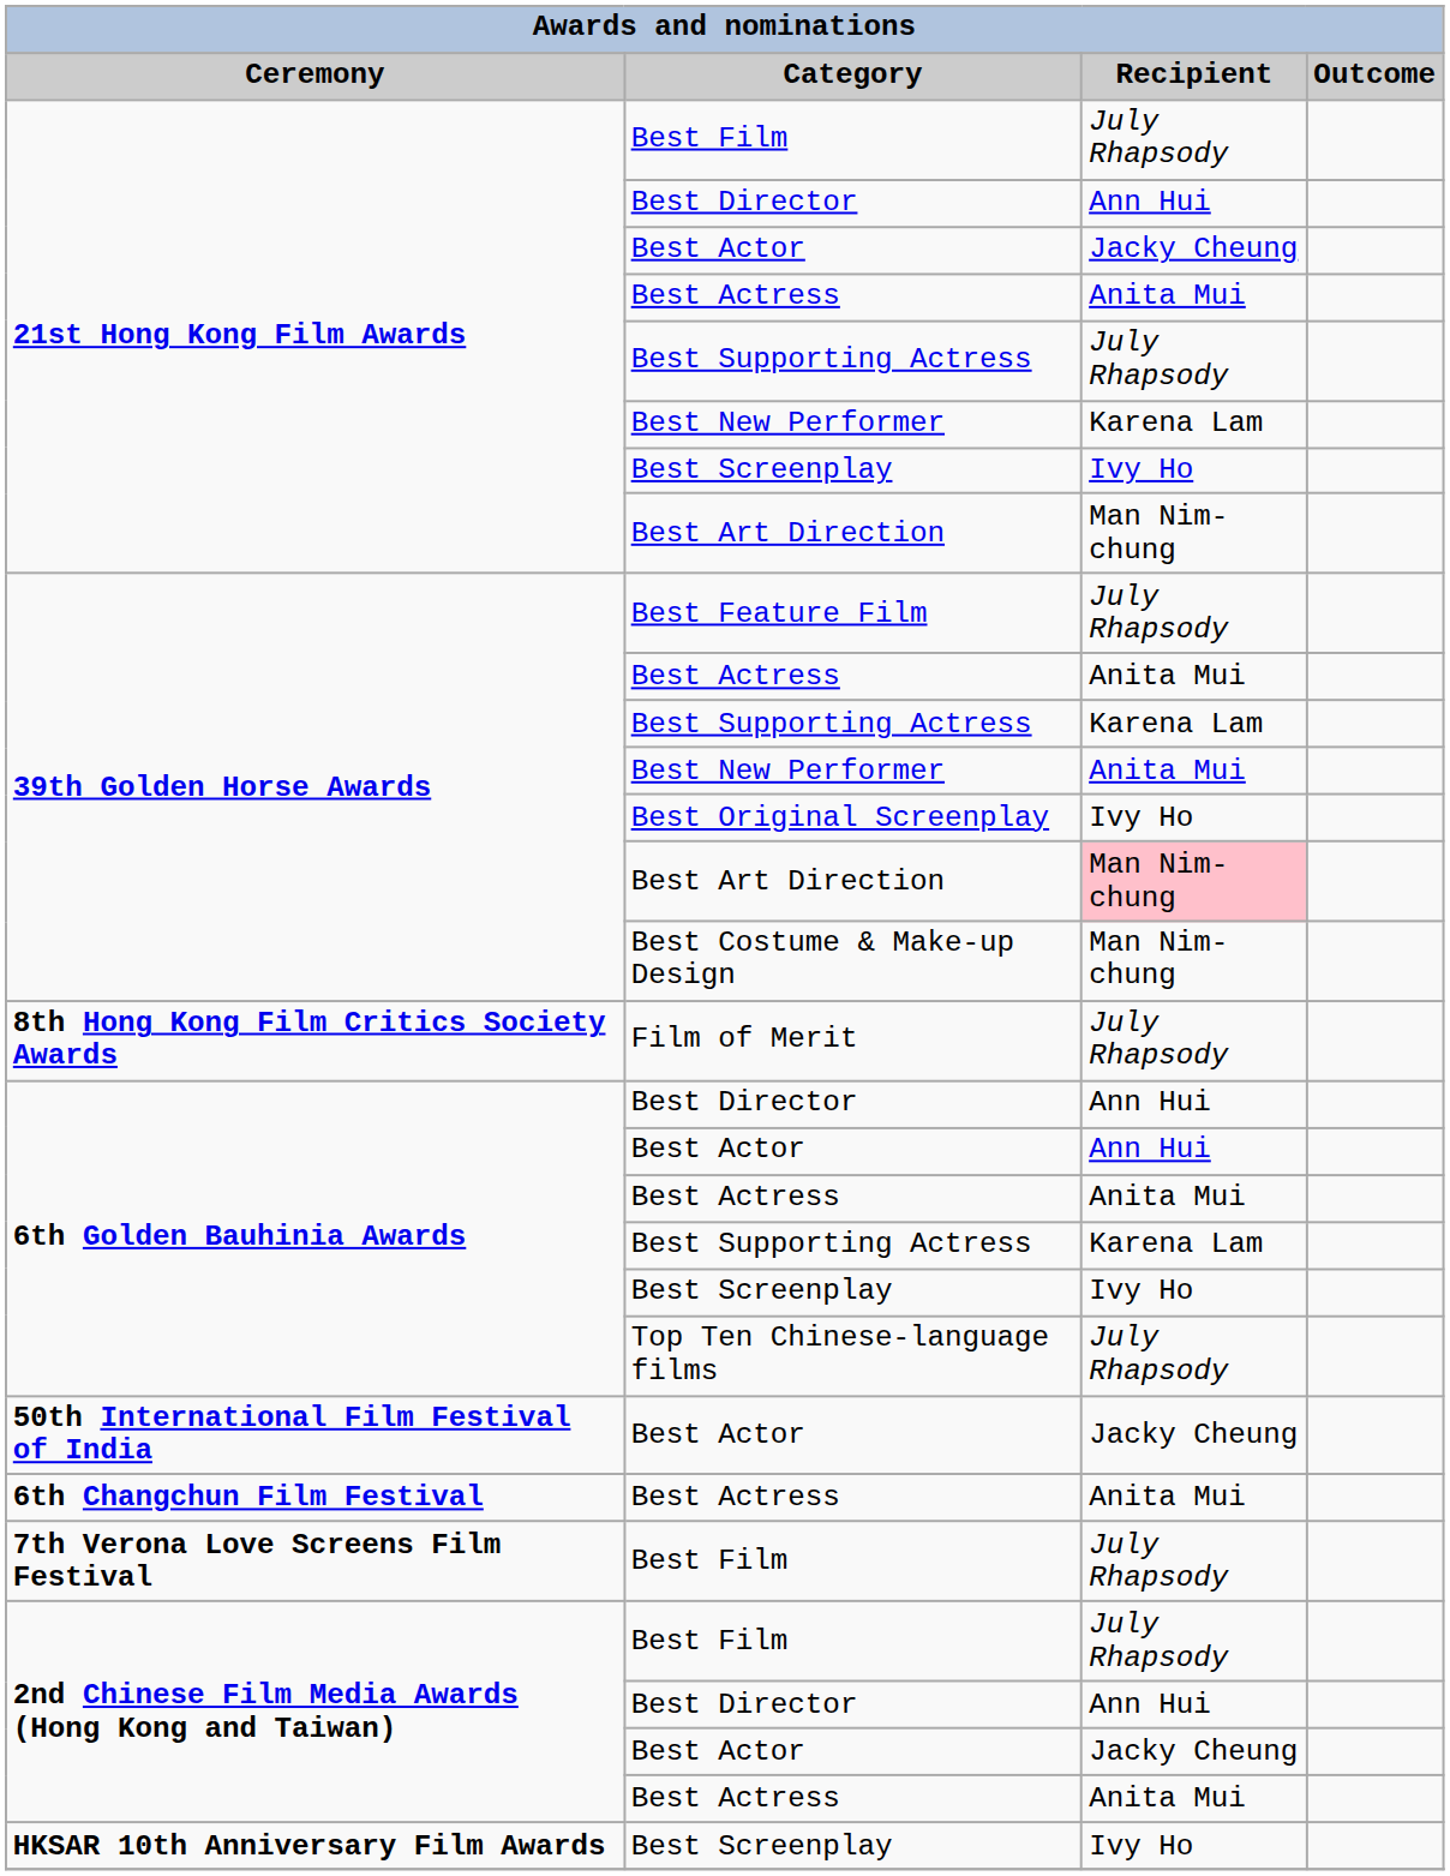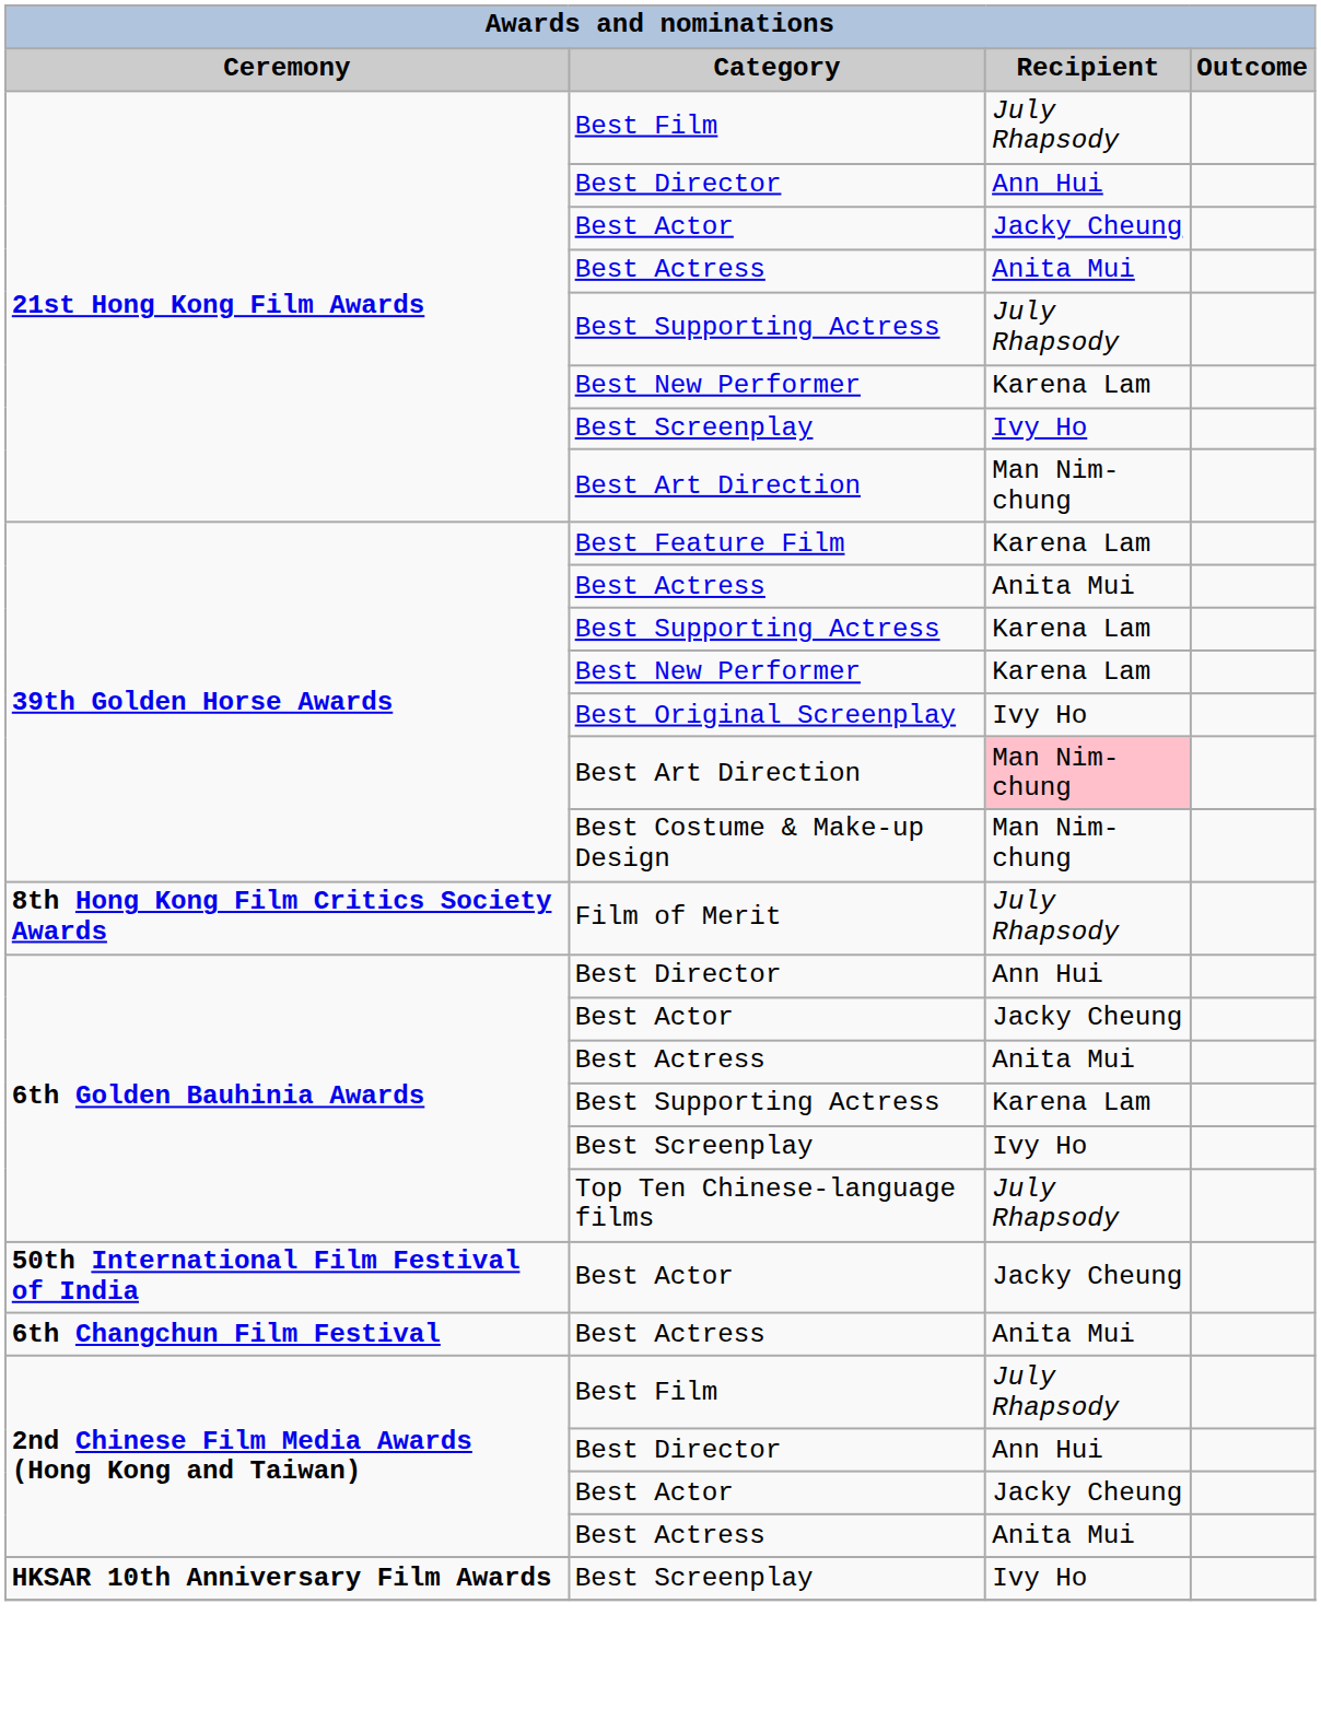 <table class="wikitable" style="font-size:95%">
 <tr style="background:#ccc; text-align:center;">
 <th colspan="4" style="background: LightSteelBlue;">Awards and nominations</th>
 </tr>
 <tr style="background:#ccc; text-align:center;">
 <th style="background:#ccc">Ceremony</th>
 <th style="background:#ccc">Category</th>
 <th style="background:#ccc">Recipient</th>
 <th style="background:#ccc">Outcome</th>
 </tr>
 <tr>
 <td rowspan=8><strong><a href='#'>21st Hong Kong Film Awards</a></strong></td>
 <td><a href='#'>Best Film</a></td>
 <td><em>July Rhapsody</em></td>
 <td></td>
 </tr>
 <tr>
 <td><a href='#'>Best Director</a></td>
 <td><a href='#'>Ann Hui</a></td>
 <td></td>
 </tr>
 <tr>
 <td><a href='#'>Best Actor</a></td>
 <td><a href='#'>Jacky Cheung</a></td>
 <td></td>
 </tr>
 <tr>
 <td><a href='#'>Best Actress</a></td>
 <td><a href='#'>Anita Mui</a></td>
 <td></td>
 </tr>
 <tr>
 <td><a href='#'>Best Supporting Actress</a></td>
 <td><em>July Rhapsody</em></td>
 <td></td>
 </tr>
 <tr>
 <td><a href='#'>Best New Performer</a></td>
 <td>Karena Lam</td>
 <td></td>
 </tr>
 <tr>
 <td><a href='#'>Best Screenplay</a></td>
 <td><a href='#'>Ivy Ho</a></td>
 <td></td>
 </tr>
 <tr>
 <td><a href='#'>Best Art Direction</a></td>
 <td>Man Nim-chung</td>
 <td></td>
 </tr>
 <tr>
 <td rowspan=7><strong> <a href='#'>39th Golden Horse Awards</a></strong></td>
 <td><a href='#'>Best Feature Film</a></td>
-<td><em>July Rhapsody</em></td>
+<td>Karena Lam</td>
 <td></td>
 </tr>
 <tr>
 <td><a href='#'>Best Actress</a></td>
 <td>Anita Mui</td>
 <td></td>
 </tr>
 <tr>
 <td><a href='#'>Best Supporting Actress</a></td>
 <td>Karena Lam</td>
 <td></td>
 </tr>
 <tr>
 <td><a href='#'>Best New Performer</a></td>
-<td><a href='#'>Anita Mui</a></td>
+<td>Karena Lam</td>
 <td></td>
 </tr>
 <tr>
 <td><a href='#'>Best Original Screenplay</a></td>
 <td>Ivy Ho</td>
 <td></td>
 </tr>
 <tr>
 <td>Best Art Direction</td>
 <td style="background: pink;">Man Nim-chung</td>
 <td></td>
 </tr>
 <tr>
 <td>Best Costume & Make-up Design</td>
 <td>Man Nim-chung</td>
 <td></td>
 </tr>
 <tr>
 <td><strong>8th <a href='#'>Hong Kong Film Critics Society Awards</a></strong></td>
 <td>Film of Merit</td>
 <td><em>July Rhapsody</em></td>
 <td></td>
 </tr>
 <tr>
 <td rowspan=6><strong>6th <a href='#'>Golden Bauhinia Awards</a></strong></td>
 <td>Best Director</td>
 <td>Ann Hui</td>
 <td></td>
 </tr>
 <tr>
 <td>Best Actor</td>
-<td><a href='#'>Ann Hui</a></td>
+<td>Jacky Cheung</td>
 <td></td>
 </tr>
 <tr>
 <td>Best Actress</td>
 <td>Anita Mui</td>
 <td></td>
 </tr>
 <tr>
 <td>Best Supporting Actress</td>
 <td>Karena Lam</td>
 <td></td>
 </tr>
 <tr>
 <td>Best Screenplay</td>
 <td>Ivy Ho</td>
 <td></td>
 </tr>
 <tr>
 <td>Top Ten Chinese-language films</td>
 <td><em>July Rhapsody</em></td>
 <td></td>
 </tr>
 <tr>
 <td><strong>50th <a href='#'>International Film Festival of India</a></strong></td>
 <td>Best Actor</td>
 <td>Jacky Cheung</td>
 <td></td>
 </tr>
 <tr>
 <td><strong>6th <a href='#'>Changchun Film Festival</a></strong></td>
 <td>Best Actress</td>
 <td>Anita Mui</td>
 <td></td>
 </tr>
 <tr>
-<td><strong>7th Verona Love Screens Film Festival</strong></td>
-<td>Best Film</td>
-<td><em>July Rhapsody</em></td>
-<td></td>
-</tr>
-<tr>
 <td rowspan=4><strong>2nd <a href='#'>Chinese Film Media Awards</a><br>(Hong Kong and Taiwan)</strong></td>
 <td>Best Film</td>
 <td><em>July Rhapsody</em></td>
 <td></td>
 </tr>
 <tr>
 <td>Best Director</td>
 <td>Ann Hui</td>
 <td></td>
 </tr>
 <tr>
 <td>Best Actor</td>
 <td>Jacky Cheung</td>
 <td></td>
 </tr>
 <tr>
 <td>Best Actress</td>
 <td>Anita Mui</td>
 <td></td>
 </tr>
 <tr>
 <td><strong>HKSAR 10th Anniversary Film Awards</strong></td>
 <td>Best Screenplay</td>
 <td>Ivy Ho</td>
 <td></td>
 </tr>
 <tr>
 </tr>
 </table>
